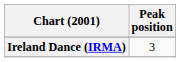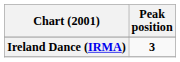 <table class="wikitable sortable plainrowheaders" style="text-align:center">
 <tr>
 <th>Chart (2001)</th>
 <th>Peak<br>position</th>
 </tr>
 <tr>
 </tr>
 <tr>
 </tr>
 <tr>
 <th scope="row">Ireland Dance (<a href='#'>IRMA</a>)</th>
-<td>3</td>
+<td><strong>3</strong></td>
 </tr>
 <tr>
 </tr>
 <tr>
 </tr>
 <tr>
 </tr>
 </table>
